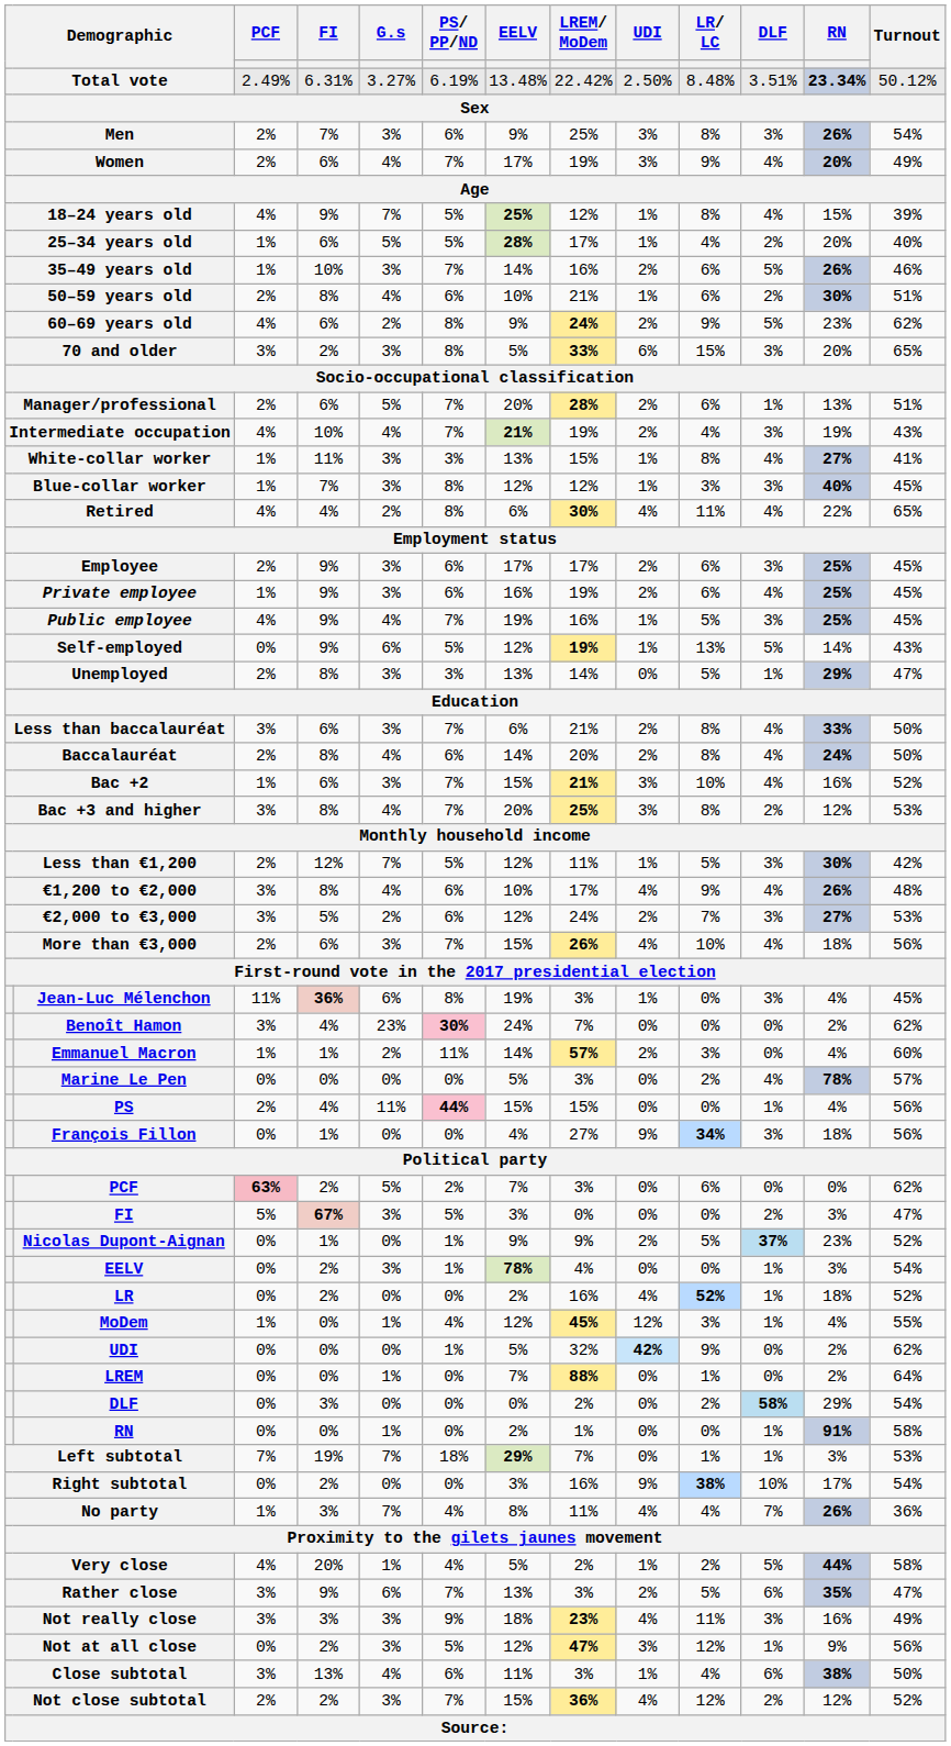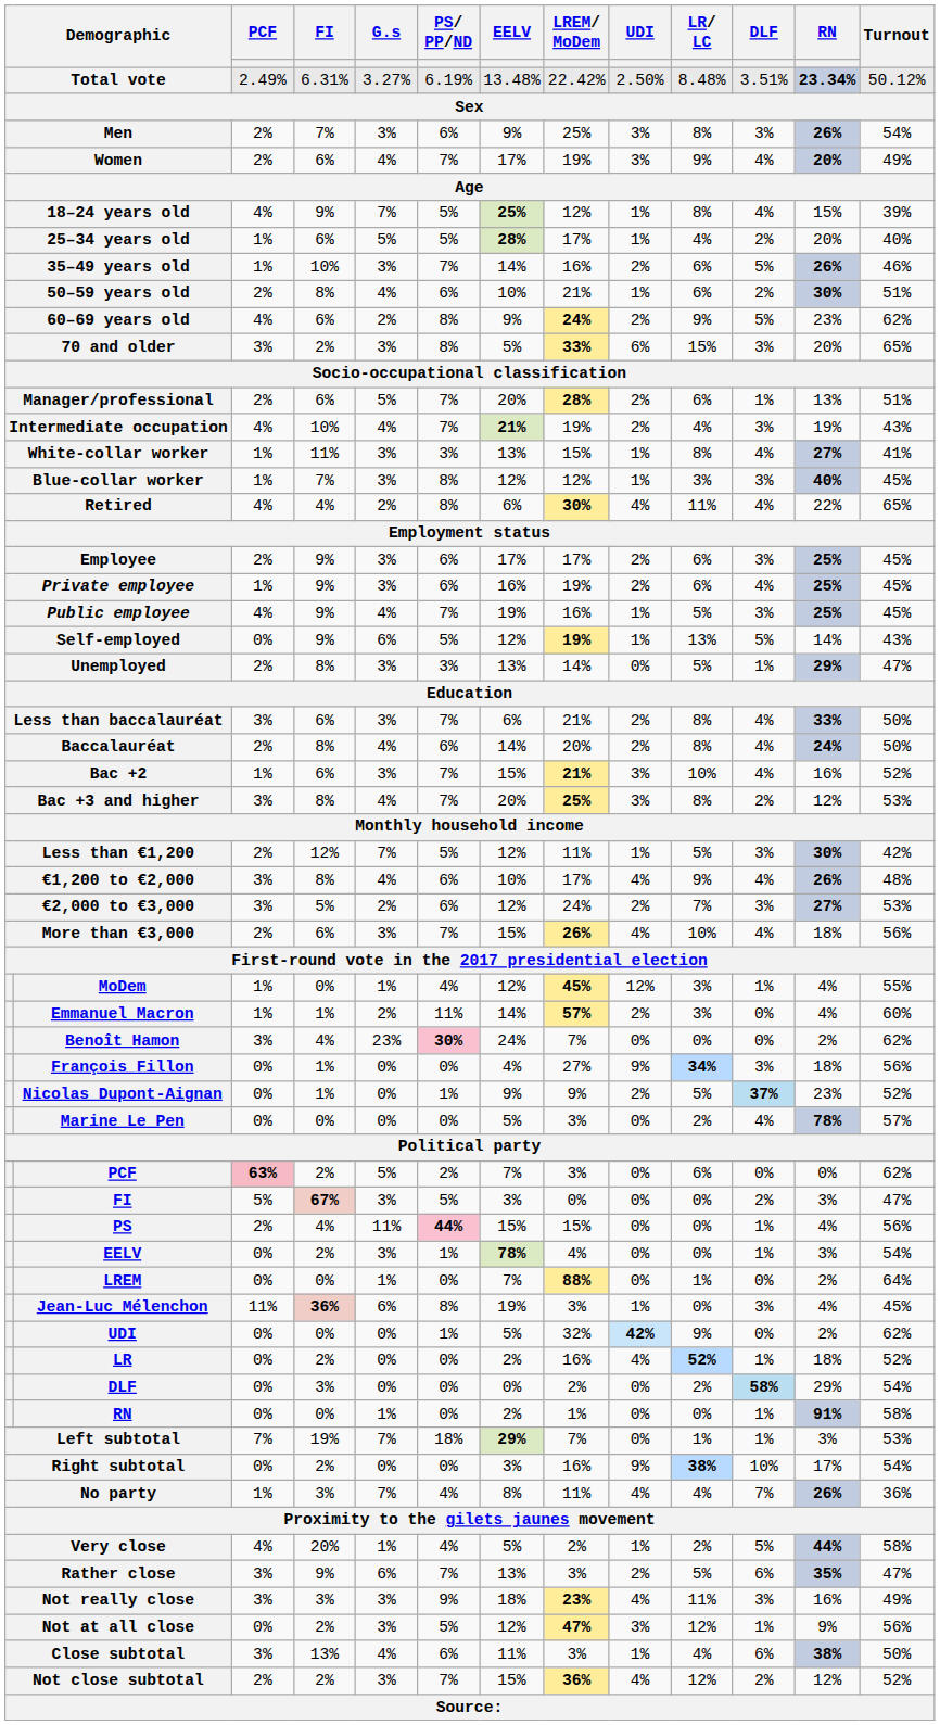 <table class="wikitable sortable" style="text-align:center; font-size:90%; line-height:14px">
 <tr style="height:40px;">
 <th rowspan="2" colspan="2">Demographic</th>
 <th class="unsortable" style="width:40px;"><a href='#'>PCF</a></th>
 <th class="unsortable" style="width:40px;"><a href='#'>FI</a></th>
 <th class="unsortable" style="width:40px;"><a href='#'>G.s</a></th>
 <th class="unsortable" style="width:40px;"><a href='#'>PS</a>/<br><a href='#'>PP</a>/<a href='#'>ND</a></th>
 <th class="unsortable" style="width:40px;"><a href='#'>EELV</a></th>
 <th class="unsortable" style="width:40px;"><a href='#'>LREM</a>/<br><a href='#'>MoDem</a></th>
 <th class="unsortable" style="width:40px;"><a href='#'>UDI</a></th>
 <th class="unsortable" style="width:40px;"><a href='#'>LR</a>/<br><a href='#'>LC</a></th>
 <th class="unsortable" style="width:40px;"><a href='#'>DLF</a></th>
 <th class="unsortable" style="width:40px;"><a href='#'>RN</a></th>
 <th rowspan="2">Turnout</th>
 </tr>
 <tr>
 <th data-sort-type="number" style="background:"></th>
 <th data-sort-type="number" style="background:"></th>
 <th data-sort-type="number" style="background:"></th>
 <th data-sort-type="number" style="background:"></th>
 <th data-sort-type="number" style="background:"></th>
 <th data-sort-type="number" style="background:"></th>
 <th data-sort-type="number" style="background:"></th>
 <th data-sort-type="number" style="background:"></th>
 <th data-sort-type="number" style="background:"></th>
 <th data-sort-type="number" style="background:"></th>
 </tr>
 <tr style="background:#E9E9E9;">
 <th colspan="2">Total vote</th>
 <td>2.49%</td>
 <td>6.31%</td>
 <td>3.27%</td>
 <td>6.19%</td>
 <td>13.48%</td>
 <td>22.42%</td>
 <td>2.50%</td>
 <td>8.48%</td>
 <td>3.51%</td>
 <td style="background:#C1CCE1;"><strong>23.34%</strong></td>
 <td>50.12%</td>
 </tr>
 <tr>
 <th colspan="13">Sex</th>
 </tr>
 <tr>
 <th colspan="2">Men</th>
 <td>2%</td>
 <td>7%</td>
 <td>3%</td>
 <td>6%</td>
 <td>9%</td>
 <td>25%</td>
 <td>3%</td>
 <td>8%</td>
 <td>3%</td>
 <td style="background:#C1CCE1;"><strong>26%</strong></td>
 <td>54%</td>
 </tr>
 <tr>
 <th colspan="2">Women</th>
 <td>2%</td>
 <td>6%</td>
 <td>4%</td>
 <td>7%</td>
 <td>17%</td>
 <td>19%</td>
 <td>3%</td>
 <td>9%</td>
 <td>4%</td>
 <td style="background:#C1CCE1;"><strong>20%</strong></td>
 <td>49%</td>
 </tr>
 <tr>
 <th colspan="13">Age</th>
 </tr>
 <tr>
 <th colspan="2">18–24 years old</th>
 <td>4%</td>
 <td>9%</td>
 <td>7%</td>
 <td>5%</td>
 <td style="background:#DBEAC2;"><strong>25%</strong></td>
 <td>12%</td>
 <td>1%</td>
 <td>8%</td>
 <td>4%</td>
 <td>15%</td>
 <td>39%</td>
 </tr>
 <tr>
 <th colspan="2">25–34 years old</th>
 <td>1%</td>
 <td>6%</td>
 <td>5%</td>
 <td>5%</td>
 <td style="background:#DBEAC2;"><strong>28%</strong></td>
 <td>17%</td>
 <td>1%</td>
 <td>4%</td>
 <td>2%</td>
 <td>20%</td>
 <td>40%</td>
 </tr>
 <tr>
 <th colspan="2">35–49 years old</th>
 <td>1%</td>
 <td>10%</td>
 <td>3%</td>
 <td>7%</td>
 <td>14%</td>
 <td>16%</td>
 <td>2%</td>
 <td>6%</td>
 <td>5%</td>
 <td style="background:#C1CCE1;"><strong>26%</strong></td>
 <td>46%</td>
 </tr>
 <tr>
 <th colspan="2">50–59 years old</th>
 <td>2%</td>
 <td>8%</td>
 <td>4%</td>
 <td>6%</td>
 <td>10%</td>
 <td>21%</td>
 <td>1%</td>
 <td>6%</td>
 <td>2%</td>
 <td style="background:#C1CCE1;"><strong>30%</strong></td>
 <td>51%</td>
 </tr>
 <tr>
 <th colspan="2">60–69 years old</th>
 <td>4%</td>
 <td>6%</td>
 <td>2%</td>
 <td>8%</td>
 <td>9%</td>
 <td style="background:#FFED99;"><strong>24%</strong></td>
 <td>2%</td>
 <td>9%</td>
 <td>5%</td>
 <td>23%</td>
 <td>62%</td>
 </tr>
 <tr>
 <th colspan="2">70 and older</th>
 <td>3%</td>
 <td>2%</td>
 <td>3%</td>
 <td>8%</td>
 <td>5%</td>
 <td style="background:#FFED99;"><strong>33%</strong></td>
 <td>6%</td>
 <td>15%</td>
 <td>3%</td>
 <td>20%</td>
 <td>65%</td>
 </tr>
 <tr>
 <th colspan="13">Socio-occupational classification</th>
 </tr>
 <tr>
 <th colspan="2">Manager/professional</th>
 <td>2%</td>
 <td>6%</td>
 <td>5%</td>
 <td>7%</td>
 <td>20%</td>
 <td style="background:#FFED99;"><strong>28%</strong></td>
 <td>2%</td>
 <td>6%</td>
 <td>1%</td>
 <td>13%</td>
 <td>51%</td>
 </tr>
 <tr>
 <th colspan="2">Intermediate occupation</th>
 <td>4%</td>
 <td>10%</td>
 <td>4%</td>
 <td>7%</td>
 <td style="background:#DBEAC2;"><strong>21%</strong></td>
 <td>19%</td>
 <td>2%</td>
 <td>4%</td>
 <td>3%</td>
 <td>19%</td>
 <td>43%</td>
 </tr>
 <tr>
 <th colspan="2">White-collar worker</th>
 <td>1%</td>
 <td>11%</td>
 <td>3%</td>
 <td>3%</td>
 <td>13%</td>
 <td>15%</td>
 <td>1%</td>
 <td>8%</td>
 <td>4%</td>
 <td style="background:#C1CCE1;"><strong>27%</strong></td>
 <td>41%</td>
 </tr>
 <tr>
 <th colspan="2">Blue-collar worker</th>
 <td>1%</td>
 <td>7%</td>
 <td>3%</td>
 <td>8%</td>
 <td>12%</td>
 <td>12%</td>
 <td>1%</td>
 <td>3%</td>
 <td>3%</td>
 <td style="background:#C1CCE1;"><strong>40%</strong></td>
 <td>45%</td>
 </tr>
 <tr>
 <th colspan="2">Retired</th>
 <td>4%</td>
 <td>4%</td>
 <td>2%</td>
 <td>8%</td>
 <td>6%</td>
 <td style="background:#FFED99;"><strong>30%</strong></td>
 <td>4%</td>
 <td>11%</td>
 <td>4%</td>
 <td>22%</td>
 <td>65%</td>
 </tr>
 <tr>
 <th colspan="13">Employment status</th>
 </tr>
 <tr>
 <th colspan="2">Employee</th>
 <td>2%</td>
 <td>9%</td>
 <td>3%</td>
 <td>6%</td>
 <td>17%</td>
 <td>17%</td>
 <td>2%</td>
 <td>6%</td>
 <td>3%</td>
 <td style="background:#C1CCE1;"><strong>25%</strong></td>
 <td>45%</td>
 </tr>
 <tr>
 <th colspan="2"><em>Private employee</em></th>
 <td>1%</td>
 <td>9%</td>
 <td>3%</td>
 <td>6%</td>
 <td>16%</td>
 <td>19%</td>
 <td>2%</td>
 <td>6%</td>
 <td>4%</td>
 <td style="background:#C1CCE1;"><strong>25%</strong></td>
 <td>45%</td>
 </tr>
 <tr>
 <th colspan="2"><em>Public employee</em></th>
 <td>4%</td>
 <td>9%</td>
 <td>4%</td>
 <td>7%</td>
 <td>19%</td>
 <td>16%</td>
 <td>1%</td>
 <td>5%</td>
 <td>3%</td>
 <td style="background:#C1CCE1;"><strong>25%</strong></td>
 <td>45%</td>
 </tr>
 <tr>
 <th colspan="2">Self-employed</th>
 <td>0%</td>
 <td>9%</td>
 <td>6%</td>
 <td>5%</td>
 <td>12%</td>
 <td style="background:#FFED99;"><strong>19%</strong></td>
 <td>1%</td>
 <td>13%</td>
 <td>5%</td>
 <td>14%</td>
 <td>43%</td>
 </tr>
 <tr>
 <th colspan="2">Unemployed</th>
 <td>2%</td>
 <td>8%</td>
 <td>3%</td>
 <td>3%</td>
 <td>13%</td>
 <td>14%</td>
 <td>0%</td>
 <td>5%</td>
 <td>1%</td>
 <td style="background:#C1CCE1;"><strong>29%</strong></td>
 <td>47%</td>
 </tr>
 <tr>
 <th colspan="13">Education</th>
 </tr>
 <tr>
 <th colspan="2">Less than baccalauréat</th>
 <td>3%</td>
 <td>6%</td>
 <td>3%</td>
 <td>7%</td>
 <td>6%</td>
 <td>21%</td>
 <td>2%</td>
 <td>8%</td>
 <td>4%</td>
 <td style="background:#C1CCE1;"><strong>33%</strong></td>
 <td>50%</td>
 </tr>
 <tr>
 <th colspan="2">Baccalauréat</th>
 <td>2%</td>
 <td>8%</td>
 <td>4%</td>
 <td>6%</td>
 <td>14%</td>
 <td>20%</td>
 <td>2%</td>
 <td>8%</td>
 <td>4%</td>
 <td style="background:#C1CCE1;"><strong>24%</strong></td>
 <td>50%</td>
 </tr>
 <tr>
 <th colspan="2">Bac +2</th>
 <td>1%</td>
 <td>6%</td>
 <td>3%</td>
 <td>7%</td>
 <td>15%</td>
 <td style="background:#FFED99;"><strong>21%</strong></td>
 <td>3%</td>
 <td>10%</td>
 <td>4%</td>
 <td>16%</td>
 <td>52%</td>
 </tr>
 <tr>
 <th colspan="2">Bac +3 and higher</th>
 <td>3%</td>
 <td>8%</td>
 <td>4%</td>
 <td>7%</td>
 <td>20%</td>
 <td style="background:#FFED99;"><strong>25%</strong></td>
 <td>3%</td>
 <td>8%</td>
 <td>2%</td>
 <td>12%</td>
 <td>53%</td>
 </tr>
 <tr>
 <th colspan="13">Monthly household income</th>
 </tr>
 <tr>
 <th colspan="2">Less than €1,200</th>
 <td>2%</td>
 <td>12%</td>
 <td>7%</td>
 <td>5%</td>
 <td>12%</td>
 <td>11%</td>
 <td>1%</td>
 <td>5%</td>
 <td>3%</td>
 <td style="background:#C1CCE1;"><strong>30%</strong></td>
 <td>42%</td>
 </tr>
 <tr>
 <th colspan="2">€1,200 to €2,000</th>
 <td>3%</td>
 <td>8%</td>
 <td>4%</td>
 <td>6%</td>
 <td>10%</td>
 <td>17%</td>
 <td>4%</td>
 <td>9%</td>
 <td>4%</td>
 <td style="background:#C1CCE1;"><strong>26%</strong></td>
 <td>48%</td>
 </tr>
 <tr>
 <th colspan="2">€2,000 to €3,000</th>
 <td>3%</td>
 <td>5%</td>
 <td>2%</td>
 <td>6%</td>
 <td>12%</td>
 <td>24%</td>
 <td>2%</td>
 <td>7%</td>
 <td>3%</td>
 <td style="background:#C1CCE1;"><strong>27%</strong></td>
 <td>53%</td>
 </tr>
 <tr>
 <th colspan="2">More than €3,000</th>
 <td>2%</td>
 <td>6%</td>
 <td>3%</td>
 <td>7%</td>
 <td>15%</td>
 <td style="background:#FFED99;"><strong>26%</strong></td>
 <td>4%</td>
 <td>10%</td>
 <td>4%</td>
 <td>18%</td>
 <td>56%</td>
 </tr>
 <tr>
 <th colspan="13">First-round vote in the <a href='#'>2017 presidential election</a></th>
 </tr>
 <tr>
 <th></th>
-<th><a href='#'>Jean-Luc Mélenchon</a></th>
-<td>11%</td>
-<td style="background:#F0CDC6;"><strong>36%</strong></td>
-<td>6%</td>
-<td>8%</td>
-<td>19%</td>
+<th><a href='#'>MoDem</a></th>
+<td>1%</td>
+<td>0%</td>
+<td>1%</td>
+<td>4%</td>
+<td>12%</td>
+<td style="background:#FFED99;"><strong>45%</strong></td>
+<td>12%</td>
 <td>3%</td>
 <td>1%</td>
+<td>4%</td>
+<td>55%</td>
+</tr>
+<tr>
+<th></th>
+<th><a href='#'>Emmanuel Macron</a></th>
+<td>1%</td>
+<td>1%</td>
+<td>2%</td>
+<td>11%</td>
+<td>14%</td>
+<td style="background:#FFED99;"><strong>57%</strong></td>
+<td>2%</td>
+<td>3%</td>
 <td>0%</td>
-<td>3%</td>
 <td>4%</td>
-<td>45%</td>
+<td>60%</td>
 </tr>
 <tr>
 <th></th>
 <th><a href='#'>Benoît Hamon</a></th>
 <td>3%</td>
 <td>4%</td>
 <td>23%</td>
 <td style="background:#FAC0D0;"><strong>30%</strong></td>
 <td>24%</td>
 <td>7%</td>
 <td>0%</td>
 <td>0%</td>
 <td>0%</td>
 <td>2%</td>
 <td>62%</td>
 </tr>
 <tr>
 <th></th>
-<th><a href='#'>Emmanuel Macron</a></th>
+<th><a href='#'>François Fillon</a></th>
+<td>0%</td>
 <td>1%</td>
-<td>1%</td>
-<td>2%</td>
-<td>11%</td>
-<td>14%</td>
-<td style="background:#FFED99;"><strong>57%</strong></td>
-<td>2%</td>
-<td>3%</td>
+<td>0%</td>
 <td>0%</td>
 <td>4%</td>
-<td>60%</td>
+<td>27%</td>
+<td>9%</td>
+<td style="background:#B9DAFF;"><strong>34%</strong></td>
+<td>3%</td>
+<td>18%</td>
+<td>56%</td>
+</tr>
+<tr>
+<th></th>
+<th><a href='#'>Nicolas Dupont-Aignan</a></th>
+<td>0%</td>
+<td>1%</td>
+<td>0%</td>
+<td>1%</td>
+<td>9%</td>
+<td>9%</td>
+<td>2%</td>
+<td>5%</td>
+<td style="background:#BADEF1;"><strong>37%</strong></td>
+<td>23%</td>
+<td>52%</td>
 </tr>
 <tr>
 <th></th>
 <th><a href='#'>Marine Le Pen</a></th>
 <td>0%</td>
 <td>0%</td>
 <td>0%</td>
 <td>0%</td>
 <td>5%</td>
 <td>3%</td>
 <td>0%</td>
 <td>2%</td>
 <td>4%</td>
 <td style="background:#C1CCE1;"><strong>78%</strong></td>
 <td>57%</td>
-</tr>
-<tr>
-<th></th>
-<th><a href='#'>PS</a></th>
-<td>2%</td>
-<td>4%</td>
-<td>11%</td>
-<td style="background:#FAC0D0;"><strong>44%</strong></td>
-<td>15%</td>
-<td>15%</td>
-<td>0%</td>
-<td>0%</td>
-<td>1%</td>
-<td>4%</td>
-<td>56%</td>
-</tr>
-<tr>
-<th></th>
-<th><a href='#'>François Fillon</a></th>
-<td>0%</td>
-<td>1%</td>
-<td>0%</td>
-<td>0%</td>
-<td>4%</td>
-<td>27%</td>
-<td>9%</td>
-<td style="background:#B9DAFF;"><strong>34%</strong></td>
-<td>3%</td>
-<td>18%</td>
-<td>56%</td>
 </tr>
 <tr>
 <th colspan="13">Political party</th>
 </tr>
 <tr>
 <th></th>
 <th><a href='#'>PCF</a></th>
 <td style="background:#F7BAC5;"><strong>63%</strong></td>
 <td>2%</td>
 <td>5%</td>
 <td>2%</td>
 <td>7%</td>
 <td>3%</td>
 <td>0%</td>
 <td>6%</td>
 <td>0%</td>
 <td>0%</td>
 <td>62%</td>
 </tr>
 <tr>
 <th></th>
 <th><a href='#'>FI</a></th>
 <td>5%</td>
 <td style="background:#F0CDC6;"><strong>67%</strong></td>
 <td>3%</td>
 <td>5%</td>
 <td>3%</td>
 <td>0%</td>
 <td>0%</td>
 <td>0%</td>
 <td>2%</td>
 <td>3%</td>
 <td>47%</td>
 </tr>
 <tr>
 <th></th>
-<th><a href='#'>Nicolas Dupont-Aignan</a></th>
+<th><a href='#'>PS</a></th>
+<td>2%</td>
+<td>4%</td>
+<td>11%</td>
+<td style="background:#FAC0D0;"><strong>44%</strong></td>
+<td>15%</td>
+<td>15%</td>
+<td>0%</td>
 <td>0%</td>
 <td>1%</td>
-<td>0%</td>
-<td>1%</td>
-<td>9%</td>
-<td>9%</td>
-<td>2%</td>
-<td>5%</td>
-<td style="background:#BADEF1;"><strong>37%</strong></td>
-<td>23%</td>
-<td>52%</td>
+<td>4%</td>
+<td>56%</td>
 </tr>
 <tr>
 <th></th>
 <th><a href='#'>EELV</a></th>
 <td>0%</td>
 <td>2%</td>
 <td>3%</td>
 <td>1%</td>
 <td style="background:#DBEAC2;"><strong>78%</strong></td>
 <td>4%</td>
 <td>0%</td>
 <td>0%</td>
 <td>1%</td>
 <td>3%</td>
 <td>54%</td>
 </tr>
 <tr>
 <th></th>
-<th><a href='#'>LR</a></th>
+<th><a href='#'>LREM</a></th>
+<td>0%</td>
+<td>0%</td>
+<td>1%</td>
+<td>0%</td>
+<td>7%</td>
+<td style="background:#FFED99;"><strong>88%</strong></td>
+<td>0%</td>
+<td>1%</td>
 <td>0%</td>
 <td>2%</td>
-<td>0%</td>
-<td>0%</td>
-<td>2%</td>
-<td>16%</td>
-<td>4%</td>
-<td style="background:#B9DAFF;"><strong>52%</strong></td>
-<td>1%</td>
-<td>18%</td>
-<td>52%</td>
+<td>64%</td>
 </tr>
 <tr>
 <th></th>
-<th><a href='#'>MoDem</a></th>
+<th><a href='#'>Jean-Luc Mélenchon</a></th>
+<td>11%</td>
+<td style="background:#F0CDC6;"><strong>36%</strong></td>
+<td>6%</td>
+<td>8%</td>
+<td>19%</td>
+<td>3%</td>
 <td>1%</td>
 <td>0%</td>
-<td>1%</td>
+<td>3%</td>
 <td>4%</td>
-<td>12%</td>
-<td style="background:#FFED99;"><strong>45%</strong></td>
-<td>12%</td>
-<td>3%</td>
-<td>1%</td>
-<td>4%</td>
-<td>55%</td>
+<td>45%</td>
 </tr>
 <tr>
 <th></th>
 <th><a href='#'>UDI</a></th>
 <td>0%</td>
 <td>0%</td>
 <td>0%</td>
 <td>1%</td>
 <td>5%</td>
 <td>32%</td>
 <td style="background:#C8E5FA;"><strong>42%</strong></td>
 <td>9%</td>
 <td>0%</td>
 <td>2%</td>
 <td>62%</td>
 </tr>
 <tr>
 <th></th>
-<th><a href='#'>LREM</a></th>
+<th><a href='#'>LR</a></th>
+<td>0%</td>
+<td>2%</td>
 <td>0%</td>
 <td>0%</td>
+<td>2%</td>
+<td>16%</td>
+<td>4%</td>
+<td style="background:#B9DAFF;"><strong>52%</strong></td>
 <td>1%</td>
-<td>0%</td>
-<td>7%</td>
-<td style="background:#FFED99;"><strong>88%</strong></td>
-<td>0%</td>
-<td>1%</td>
-<td>0%</td>
-<td>2%</td>
-<td>64%</td>
+<td>18%</td>
+<td>52%</td>
 </tr>
 <tr>
 <th></th>
 <th><a href='#'>DLF</a></th>
 <td>0%</td>
 <td>3%</td>
 <td>0%</td>
 <td>0%</td>
 <td>0%</td>
 <td>2%</td>
 <td>0%</td>
 <td>2%</td>
 <td style="background:#BADEF1;"><strong>58%</strong></td>
 <td>29%</td>
 <td>54%</td>
 </tr>
 <tr>
 <th></th>
 <th><a href='#'>RN</a></th>
 <td>0%</td>
 <td>0%</td>
 <td>1%</td>
 <td>0%</td>
 <td>2%</td>
 <td>1%</td>
 <td>0%</td>
 <td>0%</td>
 <td>1%</td>
 <td style="background:#C1CCE1;"><strong>91%</strong></td>
 <td>58%</td>
 </tr>
 <tr>
 <th colspan="2">Left subtotal</th>
 <td>7%</td>
 <td>19%</td>
 <td>7%</td>
 <td>18%</td>
 <td style="background:#DBEAC2;"><strong>29%</strong></td>
 <td>7%</td>
 <td>0%</td>
 <td>1%</td>
 <td>1%</td>
 <td>3%</td>
 <td>53%</td>
 </tr>
 <tr>
 <th colspan="2">Right subtotal</th>
 <td>0%</td>
 <td>2%</td>
 <td>0%</td>
 <td>0%</td>
 <td>3%</td>
 <td>16%</td>
 <td>9%</td>
 <td style="background:#B9DAFF;"><strong>38%</strong></td>
 <td>10%</td>
 <td>17%</td>
 <td>54%</td>
 </tr>
 <tr>
 <th colspan="2">No party</th>
 <td>1%</td>
 <td>3%</td>
 <td>7%</td>
 <td>4%</td>
 <td>8%</td>
 <td>11%</td>
 <td>4%</td>
 <td>4%</td>
 <td>7%</td>
 <td style="background:#C1CCE1;"><strong>26%</strong></td>
 <td>36%</td>
 </tr>
 <tr>
 <th colspan="13">Proximity to the <a href='#'>gilets jaunes</a> movement</th>
 </tr>
 <tr>
 <th colspan="2">Very close</th>
 <td>4%</td>
 <td>20%</td>
 <td>1%</td>
 <td>4%</td>
 <td>5%</td>
 <td>2%</td>
 <td>1%</td>
 <td>2%</td>
 <td>5%</td>
 <td style="background:#C1CCE1;"><strong>44%</strong></td>
 <td>58%</td>
 </tr>
 <tr>
 <th colspan="2">Rather close</th>
 <td>3%</td>
 <td>9%</td>
 <td>6%</td>
 <td>7%</td>
 <td>13%</td>
 <td>3%</td>
 <td>2%</td>
 <td>5%</td>
 <td>6%</td>
 <td style="background:#C1CCE1;"><strong>35%</strong></td>
 <td>47%</td>
 </tr>
 <tr>
 <th colspan="2">Not really close</th>
 <td>3%</td>
 <td>3%</td>
 <td>3%</td>
 <td>9%</td>
 <td>18%</td>
 <td style="background:#FFED99;"><strong>23%</strong></td>
 <td>4%</td>
 <td>11%</td>
 <td>3%</td>
 <td>16%</td>
 <td>49%</td>
 </tr>
 <tr>
 <th colspan="2">Not at all close</th>
 <td>0%</td>
 <td>2%</td>
 <td>3%</td>
 <td>5%</td>
 <td>12%</td>
 <td style="background:#FFED99;"><strong>47%</strong></td>
 <td>3%</td>
 <td>12%</td>
 <td>1%</td>
 <td>9%</td>
 <td>56%</td>
 </tr>
 <tr>
 <th colspan="2">Close subtotal</th>
 <td>3%</td>
 <td>13%</td>
 <td>4%</td>
 <td>6%</td>
 <td>11%</td>
 <td>3%</td>
 <td>1%</td>
 <td>4%</td>
 <td>6%</td>
 <td style="background:#C1CCE1;"><strong>38%</strong></td>
 <td>50%</td>
 </tr>
 <tr>
 <th colspan="2">Not close subtotal</th>
 <td>2%</td>
 <td>2%</td>
 <td>3%</td>
 <td>7%</td>
 <td>15%</td>
 <td style="background:#FFED99;"><strong>36%</strong></td>
 <td>4%</td>
 <td>12%</td>
 <td>2%</td>
 <td>12%</td>
 <td>52%</td>
 </tr>
 <tr>
 <th colspan="13">Source: </th>
 </tr>
 </table>
